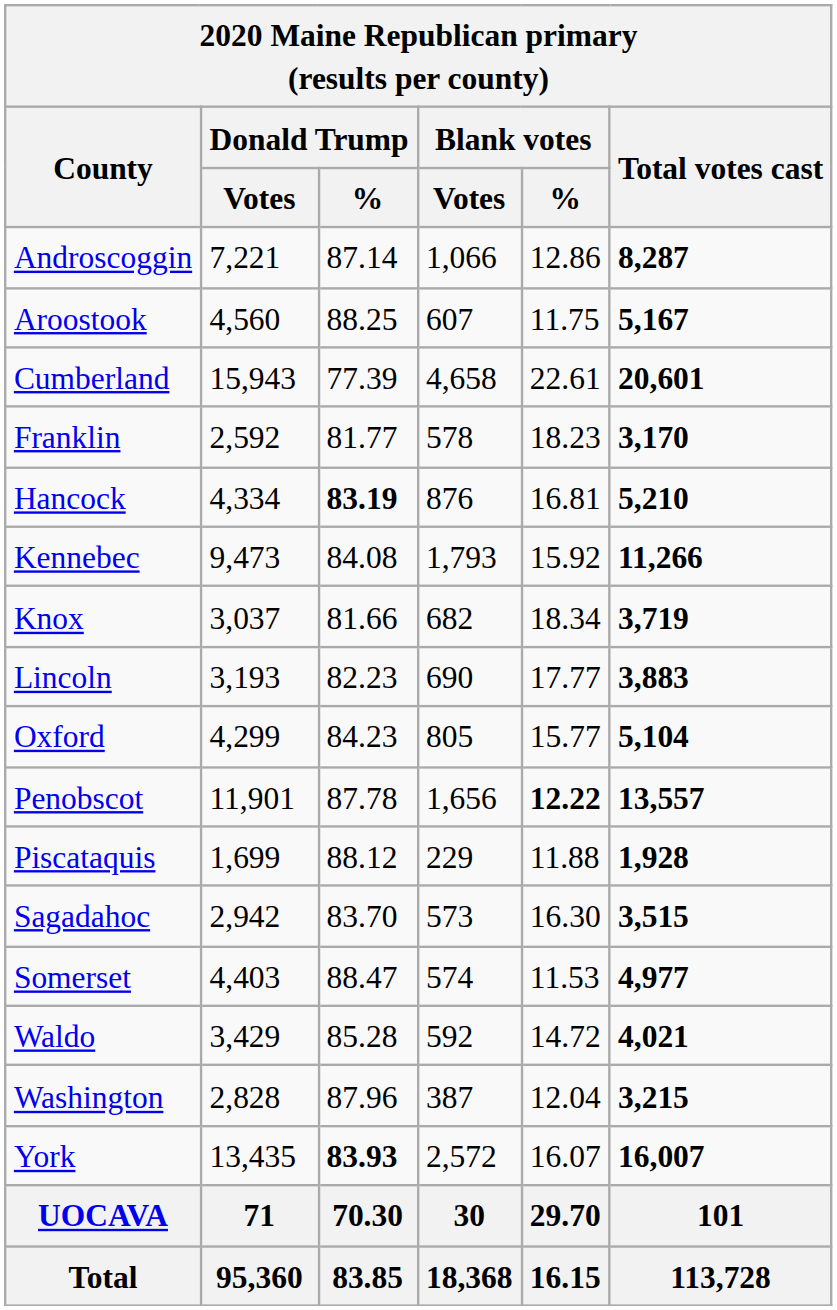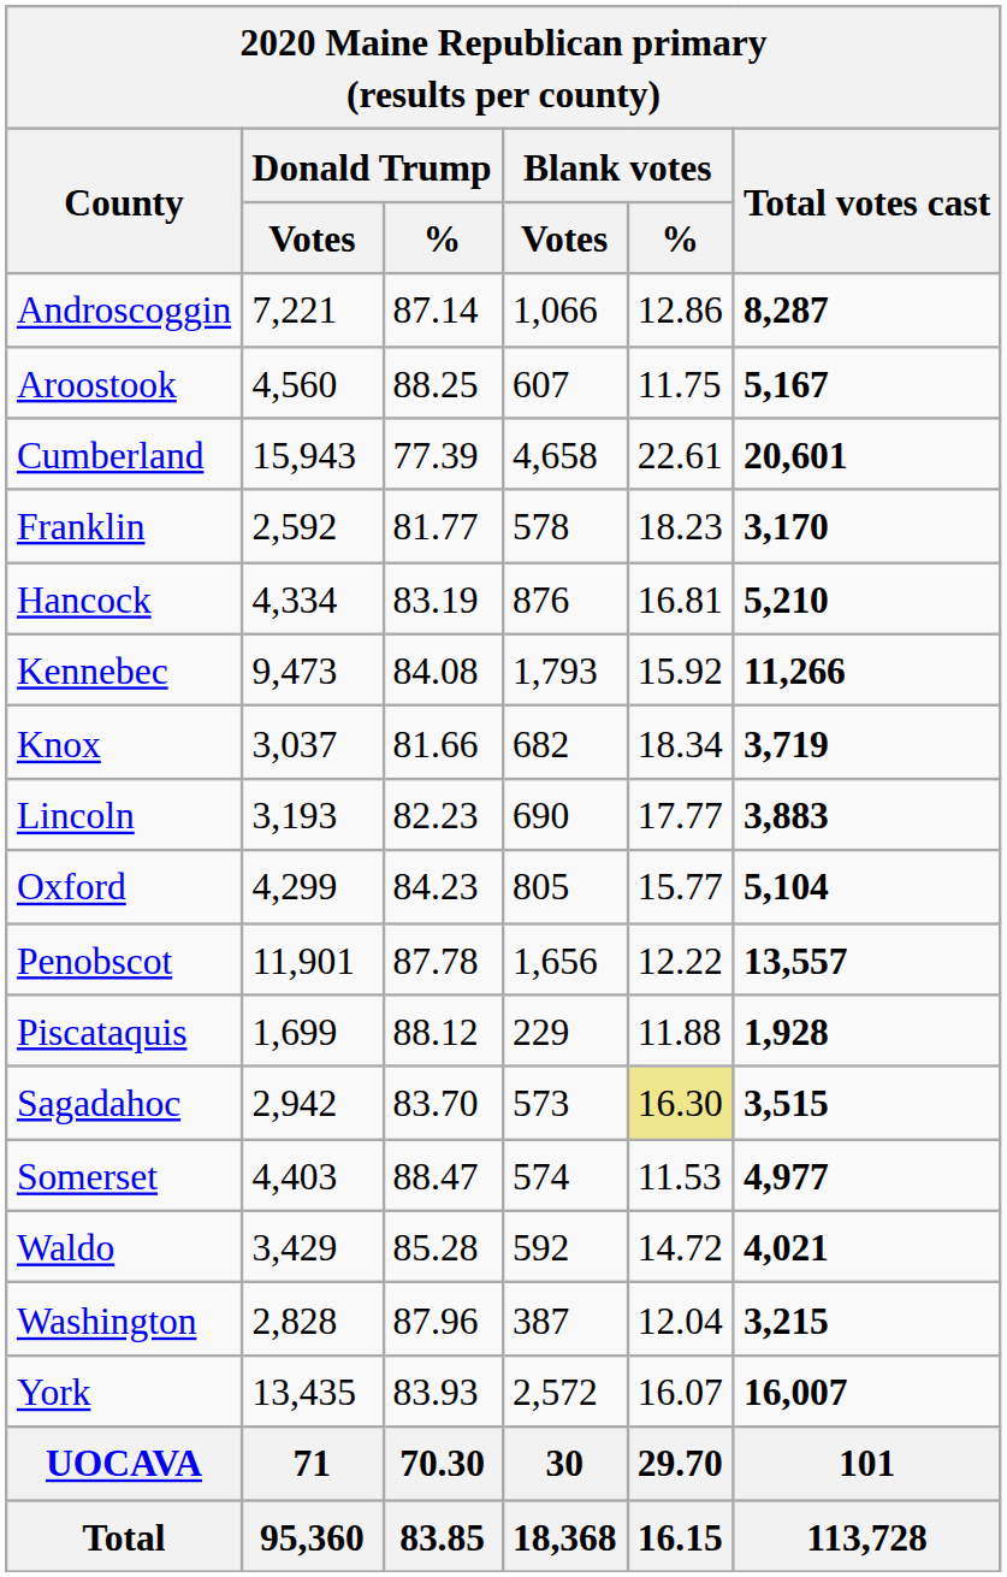 <table class="wikitable sortable mw-collapsible mw-collapsed">
 <tr>
 <th colspan="6"><small>2020 Maine Republican primary</small><br><small>(results per county)</small></th>
 </tr>
 <tr>
 <th rowspan="2"><small>County</small></th>
 <th colspan="2"><small>Donald Trump</small></th>
 <th colspan="2"><small>Blank votes</small></th>
 <th rowspan="2"><small>Total votes cast</small></th>
 </tr>
 <tr>
 <th><small>Votes</small></th>
 <th><small>%</small></th>
 <th><small>Votes</small></th>
 <th><small>%</small></th>
 </tr>
 <tr>
 <td><a href='#'><small>Androscoggin</small></a></td>
 <td><small>7,221</small></td>
 <td><small>87.14</small></td>
 <td><small>1,066</small></td>
 <td><small>12.86</small></td>
 <td><small><strong>8,287</strong></small></td>
 </tr>
 <tr>
 <td><a href='#'><small>Aroostook</small></a></td>
 <td><small>4,560</small></td>
 <td><small>88.25</small></td>
 <td><small>607</small></td>
 <td><small>11.75</small></td>
 <td><small><strong>5,167</strong></small></td>
 </tr>
 <tr>
 <td><a href='#'><small>Cumberland</small></a></td>
 <td><small>15,943</small></td>
 <td><small>77.39</small></td>
 <td><small>4,658</small></td>
 <td><small>22.61</small></td>
 <td><small><strong>20,601</strong></small></td>
 </tr>
 <tr>
 <td><a href='#'><small>Franklin</small></a></td>
 <td><small>2,592</small></td>
 <td><small>81.77</small></td>
 <td><small>578</small></td>
 <td><small>18.23</small></td>
 <td><small><strong>3,170</strong></small></td>
 </tr>
 <tr>
 <td><a href='#'><small>Hancock</small></a></td>
 <td><small>4,334</small></td>
-<td><strong><small>83.19</small></strong></td>
+<td><small>83.19</small></td>
 <td><small>876</small></td>
 <td><small>16.81</small></td>
 <td><small><strong>5,210</strong></small></td>
 </tr>
 <tr>
 <td><a href='#'><small>Kennebec</small></a></td>
 <td><small>9,473</small></td>
 <td><small>84.08</small></td>
 <td><small>1,793</small></td>
 <td><small>15.92</small></td>
 <td><small><strong>11,266</strong></small></td>
 </tr>
 <tr>
 <td><a href='#'><small>Knox</small></a></td>
 <td><small>3,037</small></td>
 <td><small>81.66</small></td>
 <td><small>682</small></td>
 <td><small>18.34</small></td>
 <td><small><strong>3,719</strong></small></td>
 </tr>
 <tr>
 <td><a href='#'><small>Lincoln</small></a></td>
 <td><small>3,193</small></td>
 <td><small>82.23</small></td>
 <td><small>690</small></td>
 <td><small>17.77</small></td>
 <td><small><strong>3,883</strong></small></td>
 </tr>
 <tr>
 <td><a href='#'><small>Oxford</small></a></td>
 <td><small>4,299</small></td>
 <td><small>84.23</small></td>
 <td><small>805</small></td>
 <td><small>15.77</small></td>
 <td><small><strong>5,104</strong></small></td>
 </tr>
 <tr>
 <td><a href='#'><small>Penobscot</small></a></td>
 <td><small>11,901</small></td>
 <td><small>87.78</small></td>
 <td><small>1,656</small></td>
-<td><strong><small>12.22</small></strong></td>
+<td><small>12.22</small></td>
 <td><small><strong>13,557</strong></small></td>
 </tr>
 <tr>
 <td><a href='#'><small>Piscataquis</small></a></td>
 <td><small>1,699</small></td>
 <td><small>88.12</small></td>
 <td><small>229</small></td>
 <td><small>11.88</small></td>
 <td><small><strong>1,928</strong></small></td>
 </tr>
 <tr>
 <td><a href='#'><small>Sagadahoc</small></a></td>
 <td><small>2,942</small></td>
 <td><small>83.70</small></td>
 <td><small>573</small></td>
-<td><small>16.30</small></td>
+<td style="background: khaki;"><small>16.30</small></td>
 <td><small><strong>3,515</strong></small></td>
 </tr>
 <tr>
 <td><a href='#'><small>Somerset</small></a></td>
 <td><small>4,403</small></td>
 <td><small>88.47</small></td>
 <td><small>574</small></td>
 <td><small>11.53</small></td>
 <td><small><strong>4,977</strong></small></td>
 </tr>
 <tr>
 <td><a href='#'><small>Waldo</small></a></td>
 <td><small>3,429</small></td>
 <td><small>85.28</small></td>
 <td><small>592</small></td>
 <td><small>14.72</small></td>
 <td><small><strong>4,021</strong></small></td>
 </tr>
 <tr>
 <td><a href='#'><small>Washington</small></a></td>
 <td><small>2,828</small></td>
 <td><small>87.96</small></td>
 <td><small>387</small></td>
 <td><small>12.04</small></td>
 <td><small><strong>3,215</strong></small></td>
 </tr>
 <tr>
 <td><a href='#'><small>York</small></a></td>
 <td><small>13,435</small></td>
-<td><strong><small>83.93</small></strong></td>
+<td><small>83.93</small></td>
 <td><small>2,572</small></td>
 <td><small>16.07</small></td>
 <td><small><strong>16,007</strong></small></td>
 </tr>
 <tr>
 <th><a href='#'><small>UOCAVA</small></a></th>
 <th><small>71</small></th>
 <th><small>70.30</small></th>
 <th><small>30</small></th>
 <th><small>29.70</small></th>
 <th><small><strong>101</strong></small></th>
 </tr>
 <tr>
 <th><small>Total</small></th>
 <th><small>95,360</small></th>
 <th><small>83.85</small></th>
 <th><small>18,368</small></th>
 <th><small>16.15</small></th>
 <th><small><strong>113,728</strong></small></th>
 </tr>
 </table>
